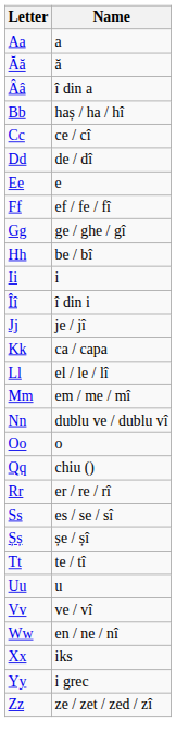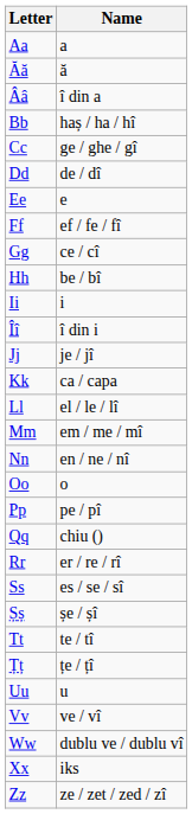 <table class="wikitable" style="display: inline-table">
 <tr>
 <th>Letter</th>
 <th>Name</th>
 </tr>
 <tr>
 <td><a href='#'>Aa</a></td>
 <td>a</td>
 </tr>
 <tr>
 <td><a href='#'>Ăă</a></td>
 <td>ă</td>
 </tr>
 <tr>
 <td><a href='#'>Ââ</a></td>
 <td>î din a</td>
 </tr>
 <tr>
 <td><a href='#'>Bb</a></td>
 <td>haș / ha / hî</td>
 </tr>
 <tr>
 <td><a href='#'>Cc</a></td>
-<td>ce / cî</td>
+<td>ge / ghe / gî</td>
 </tr>
 <tr>
 <td><a href='#'>Dd</a></td>
 <td>de / dî</td>
 </tr>
 <tr>
 <td><a href='#'>Ee</a></td>
 <td>e</td>
 </tr>
 <tr>
 <td><a href='#'>Ff</a></td>
 <td>ef / fe / fî</td>
 </tr>
 <tr>
 <td><a href='#'>Gg</a></td>
-<td>ge / ghe / gî</td>
+<td>ce / cî</td>
 </tr>
 <tr>
 <td><a href='#'>Hh</a></td>
 <td>be / bî</td>
 </tr>
 <tr>
 <td><a href='#'>Ii</a></td>
 <td>i</td>
 </tr>
 <tr>
 <td><a href='#'>Îî</a></td>
 <td>î din i</td>
 </tr>
 <tr>
 <td><a href='#'>Jj</a></td>
 <td>je / jî</td>
 </tr>
 <tr>
 <td><a href='#'>Kk</a></td>
 <td>ca / capa</td>
 </tr>
 <tr>
 <td><a href='#'>Ll</a></td>
 <td>el / le / lî</td>
 </tr>
 <tr>
 <td><a href='#'>Mm</a></td>
 <td>em / me / mî</td>
 </tr>
 <tr>
 <td><a href='#'>Nn</a></td>
-<td>dublu ve / dublu vî</td>
+<td>en / ne / nî</td>
 </tr>
 <tr>
 <td><a href='#'>Oo</a></td>
 <td>o</td>
+</tr>
+<tr>
+<td><a href='#'>Pp</a></td>
+<td>pe / pî</td>
 </tr>
 <tr>
 <td><a href='#'>Qq</a></td>
 <td>chiu ()</td>
 </tr>
 <tr>
 <td><a href='#'>Rr</a></td>
 <td>er / re / rî</td>
 </tr>
 <tr>
 <td><a href='#'>Ss</a></td>
 <td>es / se / sî</td>
 </tr>
 <tr>
 <td><a href='#'>Șș</a></td>
 <td>șe / șî</td>
 </tr>
 <tr>
 <td><a href='#'>Tt</a></td>
 <td>te / tî</td>
 </tr>
 <tr>
+<td><a href='#'>Țț</a></td>
+<td>țe / țî</td>
+</tr>
+<tr>
 <td><a href='#'>Uu</a></td>
 <td>u</td>
 </tr>
 <tr>
 <td><a href='#'>Vv</a></td>
 <td>ve / vî</td>
 </tr>
 <tr>
 <td><a href='#'>Ww</a></td>
-<td>en / ne / nî</td>
+<td>dublu ve / dublu vî</td>
 </tr>
 <tr>
 <td><a href='#'>Xx</a></td>
 <td>iks</td>
 </tr>
 <tr>
-<td><a href='#'>Yy</a></td>
-<td>i grec</td>
-</tr>
-<tr>
 <td><a href='#'>Zz</a></td>
 <td>ze / zet / zed / zî</td>
 </tr>
 </table>
